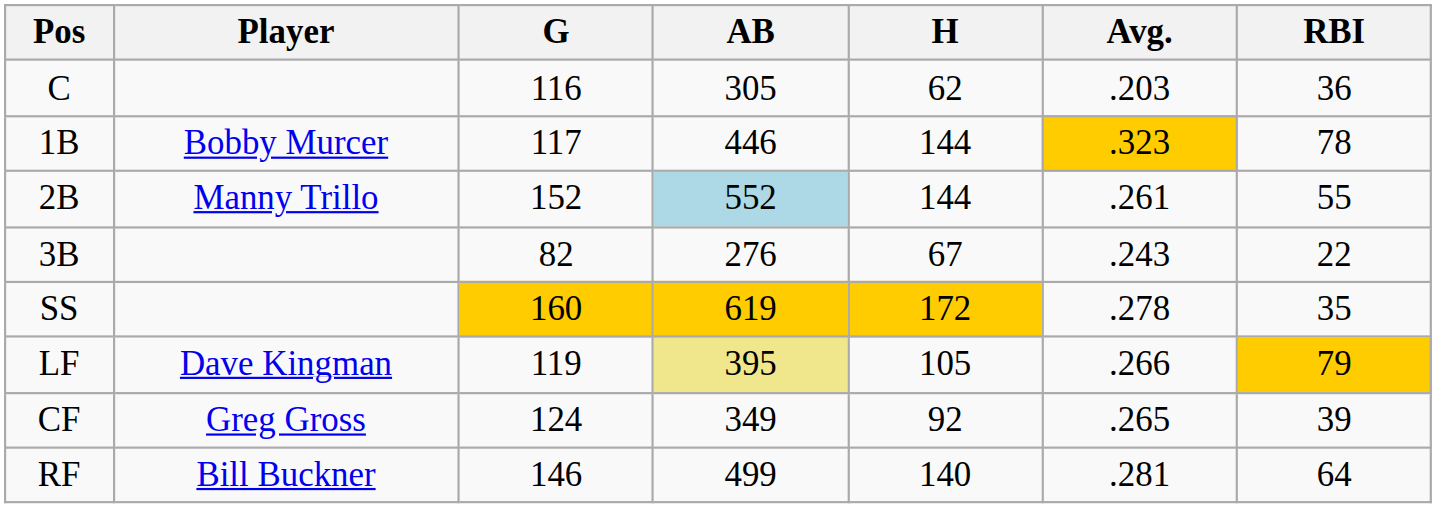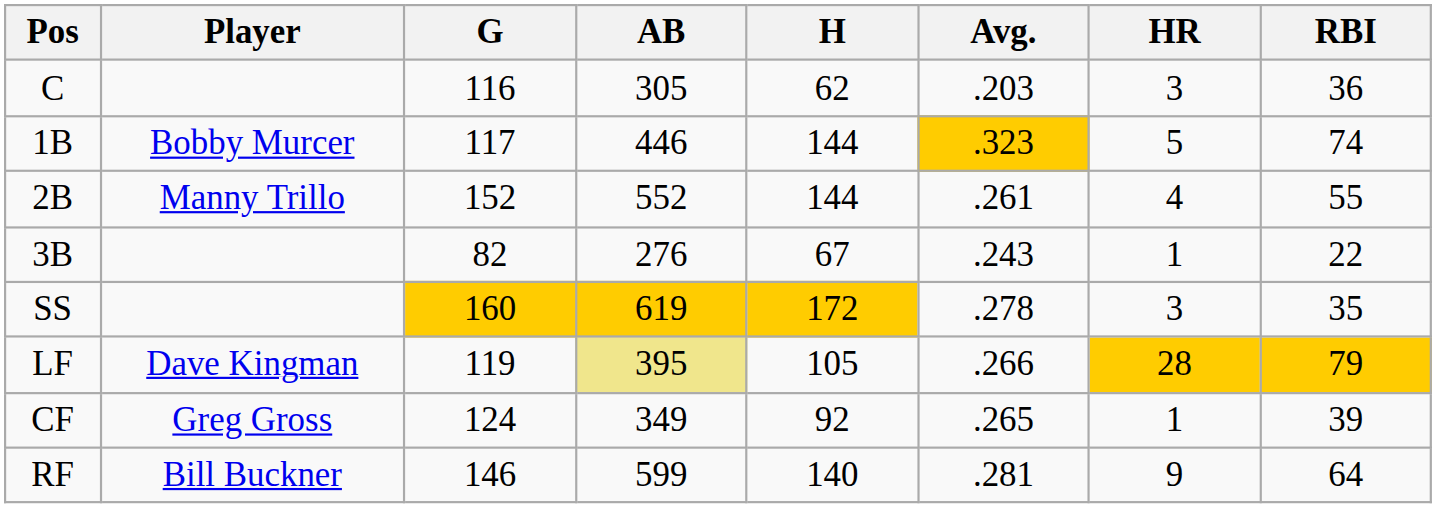 <table class="wikitable sortable">
 <tr>
 <th bgcolor="#DDDDFF" width="5%">Pos</th>
 <th bgcolor="#DDDDFF" width="16%">Player</th>
 <th bgcolor="#DDDDFF" width="9%">G</th>
 <th bgcolor="#DDDDFF" width="9%">AB</th>
 <th bgcolor="#DDDDFF" width="9%">H</th>
 <th bgcolor="#DDDDFF" width="9%">Avg.</th>
+<th bgcolor="#DDDDFF" width="9%">HR</th>
 <th bgcolor="#DDDDFF" width="9%">RBI</th>
 </tr>
 <tr align="center">
 <td>C</td>
 <td></td>
 <td>116</td>
 <td>305</td>
 <td>62</td>
 <td>.203</td>
+<td>3</td>
 <td>36</td>
 </tr>
 <tr align="center">
 <td>1B</td>
 <td><a href='#'>Bobby Murcer</a></td>
 <td>117</td>
 <td>446</td>
 <td>144</td>
 <td style="background:#fc0;">.323</td>
-<td>78</td>
+<td>5</td>
+<td>74</td>
 </tr>
 <tr align=center>
 <td>2B</td>
 <td><a href='#'>Manny Trillo</a></td>
 <td>152</td>
-<td style="background: lightblue;">552</td>
+<td>552</td>
 <td>144</td>
 <td>.261</td>
+<td>4</td>
 <td>55</td>
 </tr>
 <tr align=center>
 <td>3B</td>
 <td></td>
 <td>82</td>
 <td>276</td>
 <td>67</td>
 <td>.243</td>
+<td>1</td>
 <td>22</td>
 </tr>
 <tr align="center">
 <td>SS</td>
 <td></td>
 <td style="background:#fc0;">160</td>
 <td style="background:#fc0;">619</td>
 <td style="background:#fc0;">172</td>
 <td>.278</td>
+<td>3</td>
 <td>35</td>
 </tr>
 <tr align="center">
 <td>LF</td>
 <td><a href='#'>Dave Kingman</a></td>
 <td>119</td>
 <td style="background: khaki;">395</td>
 <td>105</td>
 <td>.266</td>
+<td style="background:#fc0;">28</td>
 <td style="background:#fc0;">79</td>
 </tr>
 <tr align=center>
 <td>CF</td>
 <td><a href='#'>Greg Gross</a></td>
 <td>124</td>
 <td>349</td>
 <td>92</td>
 <td>.265</td>
+<td>1</td>
 <td>39</td>
 </tr>
 <tr align=center>
 <td>RF</td>
 <td><a href='#'>Bill Buckner</a></td>
 <td>146</td>
-<td>499</td>
+<td>599</td>
 <td>140</td>
 <td>.281</td>
+<td>9</td>
 <td>64</td>
 </tr>
 </table>
